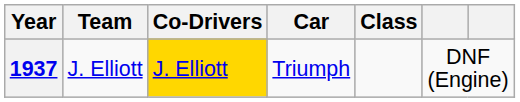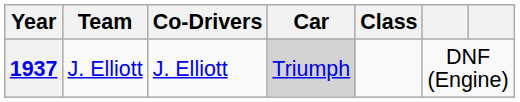 <table class="wikitable" style="text-align:center; font-size:90%">
 <tr>
 <th>Year</th>
 <th>Team</th>
 <th>Co-Drivers</th>
 <th>Car</th>
 <th>Class</th>
 <th></th>
 <th></th>
 </tr>
 <tr>
 <th><a href='#'>1937</a></th>
 <td align="left"> <a href='#'>J. Elliott</a></td>
-<td align="left" style="background: gold;"> <a href='#'>J. Elliott</a></td>
-<td align="left"><a href='#'>Triumph</a></td>
+<td align="left"> <a href='#'>J. Elliott</a></td>
+<td align="left" style="background: lightgrey;"><a href='#'>Triumph</a></td>
 <td></td>
 <td colspan=2>DNF<br>(Engine)</td>
 </tr>
 </table>
